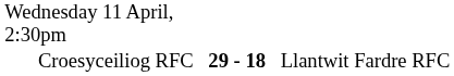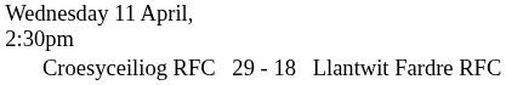 <table style="width:70%;" cellspacing="1">
 <tr>
 <th width=35%></th>
 <th width=15%></th>
 <th></th>
 </tr>
 <tr>
 <td>Wednesday 11 April, 2:30pm</td>
 </tr>
 <tr>
 <td align=right>Croesyceiliog RFC</td>
-<td align=center><strong>29 - 18</strong></td>
+<td align=center>29 - 18</td>
 <td>Llantwit Fardre RFC</td>
 </tr>
 </table>
